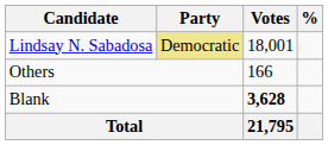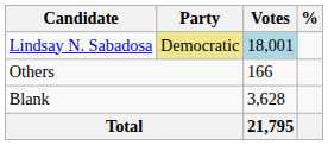 <table class="wikitable">
 <tr>
 <th>Candidate</th>
 <th>Party</th>
 <th>Votes</th>
 <th>%</th>
 </tr>
 <tr>
 <td><a href='#'>Lindsay N. Sabadosa</a></td>
 <td style="background: khaki;">Democratic</td>
-<td>18,001</td>
+<td style="background: lightblue;">18,001</td>
 <td></td>
 </tr>
 <tr>
 <td colspan = 2>Others</td>
 <td>166</td>
 <td></td>
 </tr>
 <tr>
 <td colspan = 2>Blank</td>
-<td><strong>3,628</strong></td>
+<td>3,628</td>
 <td></td>
 </tr>
 <tr>
 <th colspan = 2>Total</th>
 <th>21,795</th>
 <th></th>
 </tr>
 </table>
